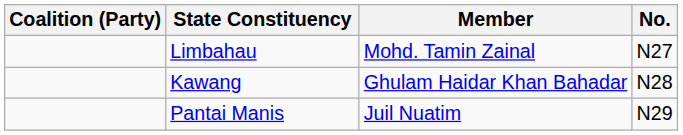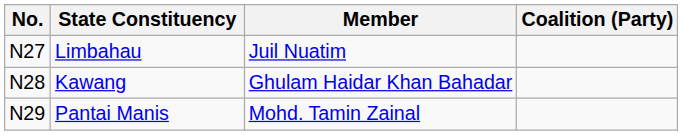 <table class="wikitable sortable">
 <tr>
-<th>Coalition (Party)</th>
+<th width="30">No.</th>
 <th width="150">State Constituency</th>
 <th>Member</th>
-<th width="30">No.</th>
+<th>Coalition (Party)</th>
 </tr>
 <tr>
+<td>N27</td>
+<td><a href='#'>Limbahau</a></td>
+<td><a href='#'>Juil Nuatim</a></td>
 <td></td>
-<td><a href='#'>Limbahau</a></td>
-<td><a href='#'>Mohd. Tamin Zainal</a></td>
-<td>N27</td>
 </tr>
 <tr>
-<td></td>
+<td>N28</td>
 <td><a href='#'>Kawang</a></td>
 <td><a href='#'>Ghulam Haidar Khan Bahadar</a></td>
-<td>N28</td>
+<td></td>
 </tr>
 <tr>
+<td>N29</td>
+<td><a href='#'>Pantai Manis</a></td>
+<td><a href='#'>Mohd. Tamin Zainal</a></td>
 <td></td>
-<td><a href='#'>Pantai Manis</a></td>
-<td><a href='#'>Juil Nuatim</a></td>
-<td>N29</td>
 </tr>
 </table>
